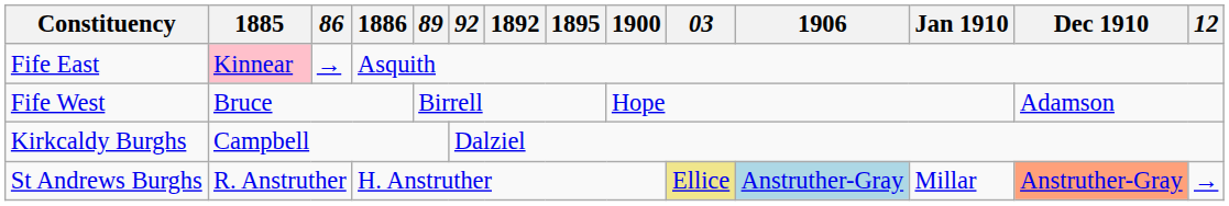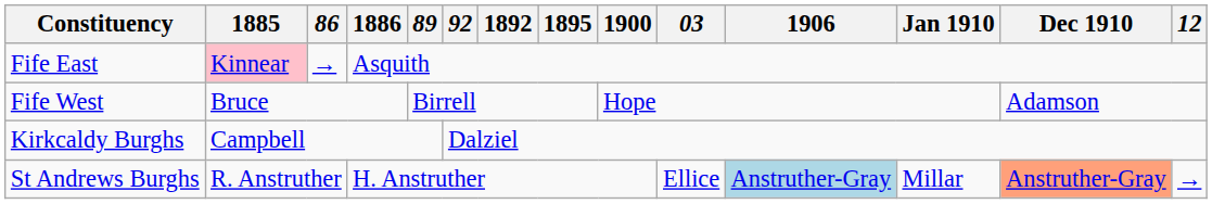 <table class="wikitable">
 <tr>
 <th>Constituency</th>
 <th>1885</th>
 <th><em>86</em></th>
 <th>1886</th>
 <th><em>89</em></th>
 <th><em>92</em></th>
 <th>1892</th>
 <th>1895</th>
 <th>1900</th>
 <th><em>03</em></th>
 <th>1906</th>
 <th>Jan 1910</th>
 <th>Dec 1910</th>
 <th><em>12</em></th>
 </tr>
 <tr>
 <td><a href='#'>Fife East</a></td>
 <td style="background: pink;"><a href='#'>Kinnear</a></td>
 <td><a href='#'>→</a></td>
 <td colspan="11"><a href='#'>Asquith</a></td>
 </tr>
 <tr>
 <td><a href='#'>Fife West</a></td>
 <td colspan="3"><a href='#'>Bruce</a></td>
 <td colspan="4"><a href='#'>Birrell</a></td>
 <td colspan="4"><a href='#'>Hope</a></td>
 <td colspan="2"><a href='#'>Adamson</a></td>
 </tr>
 <tr>
 <td><a href='#'>Kirkcaldy Burghs</a></td>
 <td colspan="4"><a href='#'>Campbell</a></td>
 <td colspan="9"><a href='#'>Dalziel</a></td>
 </tr>
 <tr>
 <td><a href='#'>St Andrews Burghs</a></td>
 <td colspan="2"><a href='#'>R. Anstruther</a></td>
 <td colspan="6"><a href='#'>H. Anstruther</a></td>
-<td style="background: khaki;"><a href='#'>Ellice</a></td>
+<td><a href='#'>Ellice</a></td>
 <td style="background: lightblue;"><a href='#'>Anstruther-Gray</a></td>
 <td><a href='#'>Millar</a></td>
 <td style="background: lightsalmon;"><a href='#'>Anstruther-Gray</a></td>
 <td><a href='#'>→</a></td>
 </tr>
 </table>
